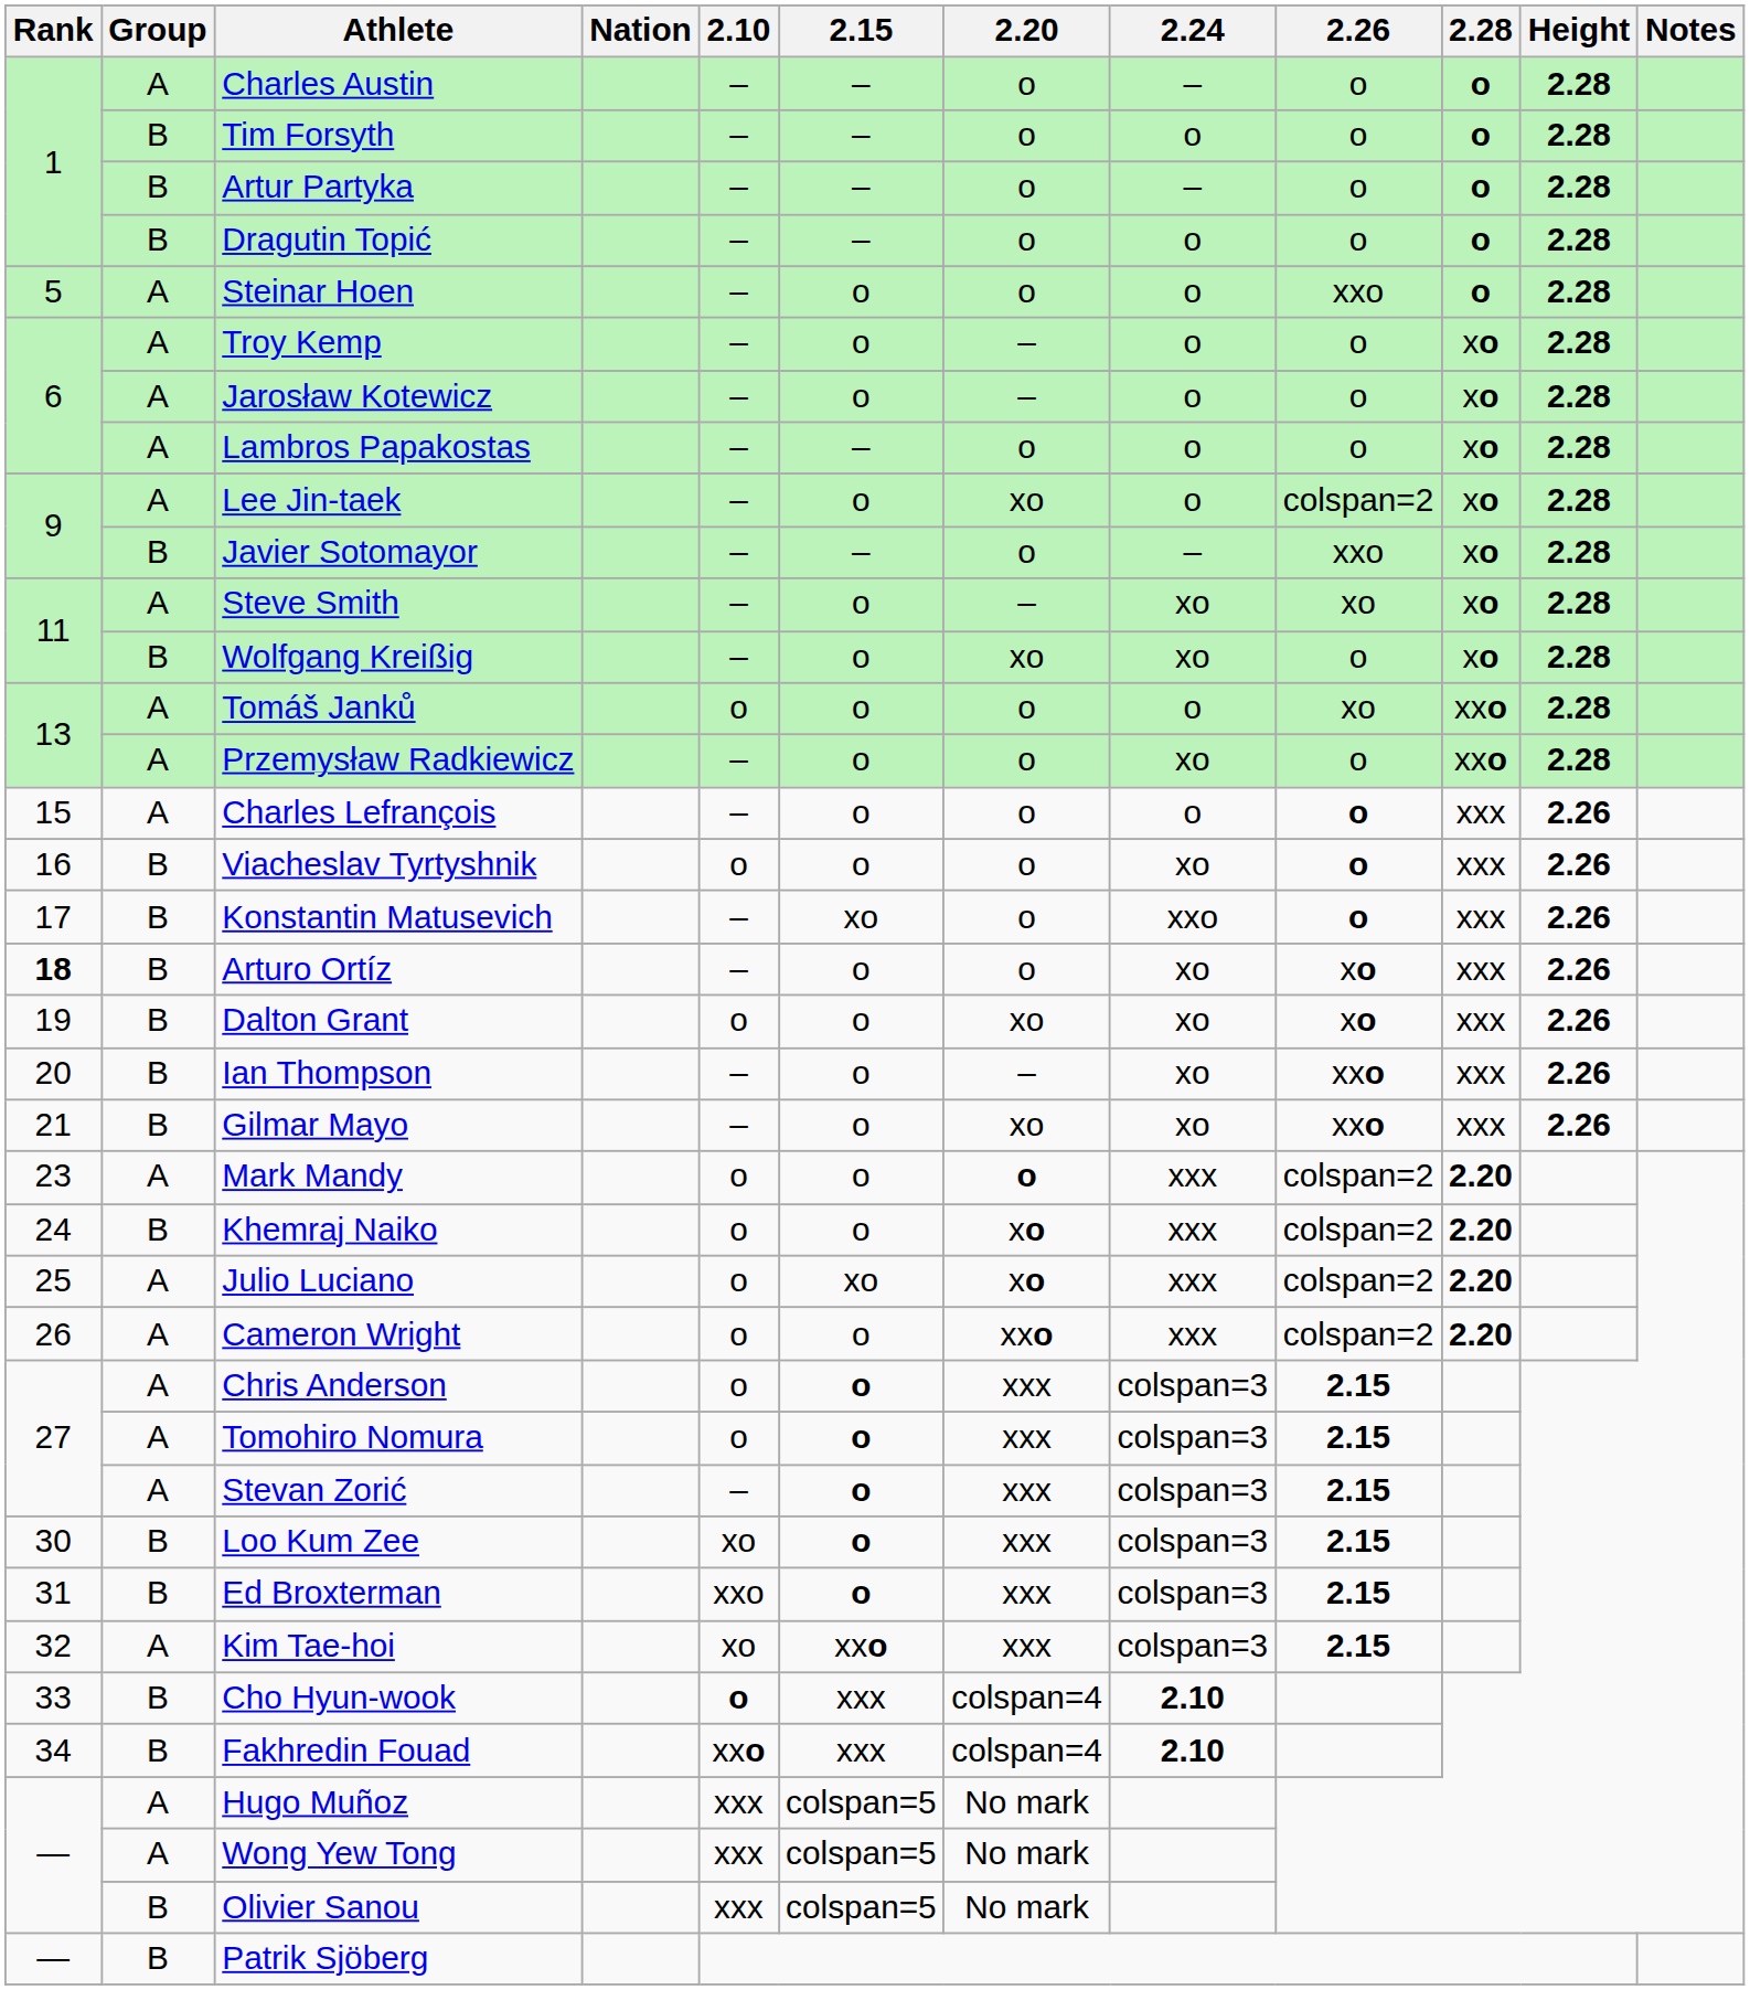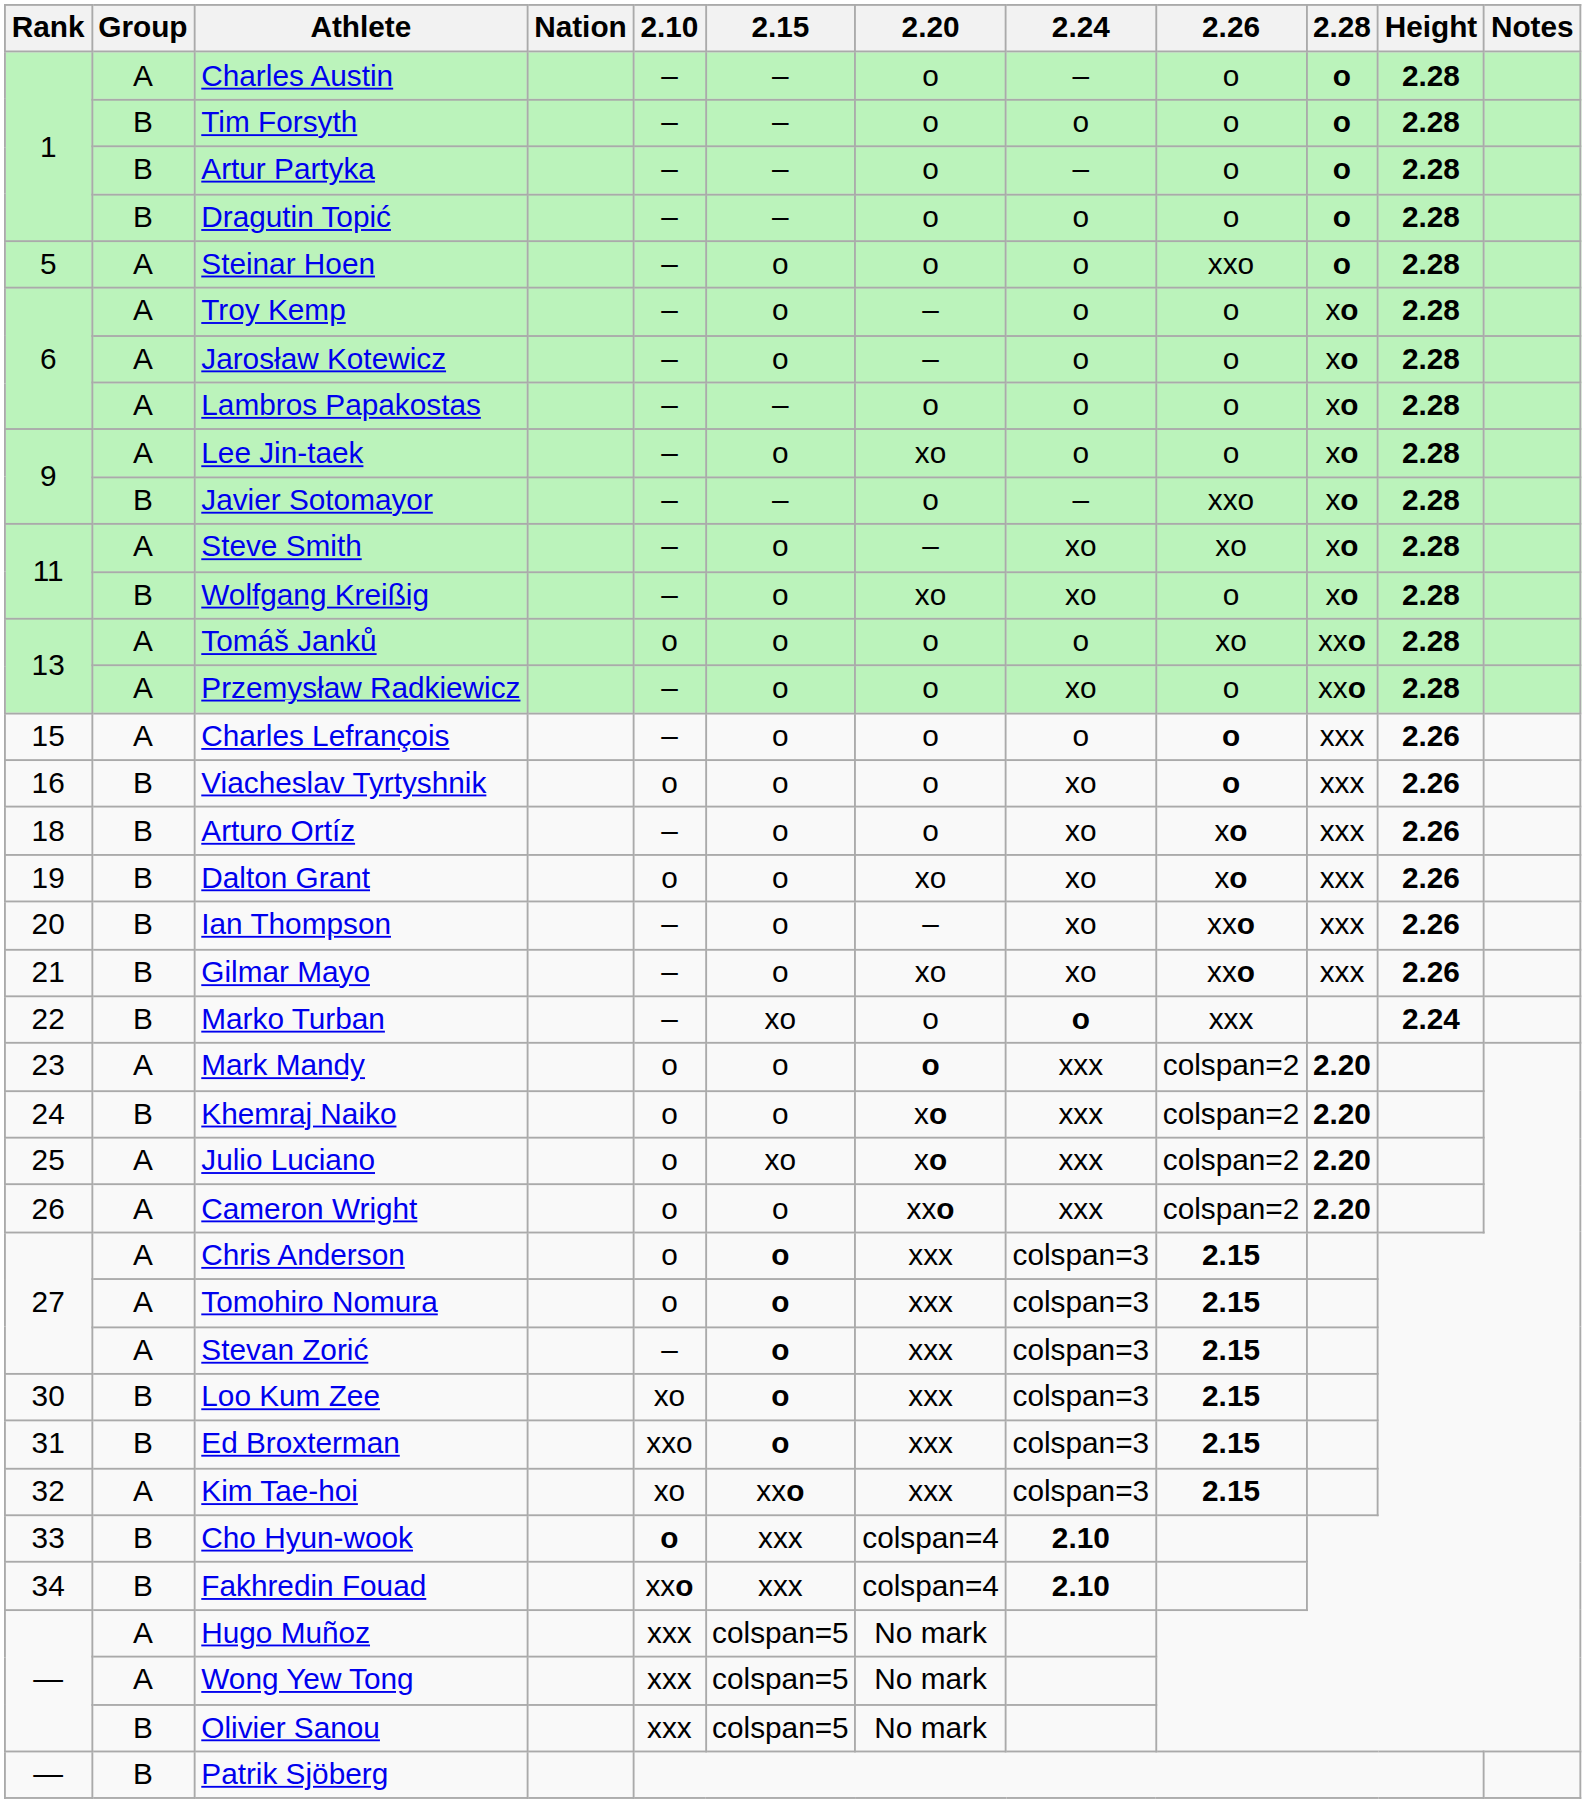 <table class="wikitable sortable" style="text-align:center">
 <tr>
 <th>Rank</th>
 <th>Group</th>
 <th>Athlete</th>
 <th>Nation</th>
 <th>2.10</th>
 <th>2.15</th>
 <th>2.20</th>
 <th>2.24</th>
 <th>2.26</th>
 <th>2.28</th>
 <th>Height</th>
 <th>Notes</th>
 </tr>
 <tr bgcolor=bbf3bb>
 <td rowspan=4>1</td>
 <td>A</td>
 <td align=left><a href='#'>Charles Austin</a></td>
 <td align=left></td>
 <td>–</td>
 <td>–</td>
 <td>o</td>
 <td>–</td>
 <td>o</td>
 <td><strong>o</strong></td>
 <td><strong>2.28</strong></td>
 <td></td>
 </tr>
 <tr bgcolor=bbf3bb>
 <td>B</td>
 <td align=left><a href='#'>Tim Forsyth</a></td>
 <td align=left></td>
 <td>–</td>
 <td>–</td>
 <td>o</td>
 <td>o</td>
 <td>o</td>
 <td><strong>o</strong></td>
 <td><strong>2.28</strong></td>
 <td></td>
 </tr>
 <tr bgcolor=bbf3bb>
 <td>B</td>
 <td align=left><a href='#'>Artur Partyka</a></td>
 <td align=left></td>
 <td>–</td>
 <td>–</td>
 <td>o</td>
 <td>–</td>
 <td>o</td>
 <td><strong>o</strong></td>
 <td><strong>2.28</strong></td>
 <td></td>
 </tr>
 <tr bgcolor=bbf3bb>
 <td>B</td>
 <td align=left><a href='#'>Dragutin Topić</a></td>
 <td align=left></td>
 <td>–</td>
 <td>–</td>
 <td>o</td>
 <td>o</td>
 <td>o</td>
 <td><strong>o</strong></td>
 <td><strong>2.28</strong></td>
 <td></td>
 </tr>
 <tr bgcolor=bbf3bb>
 <td>5</td>
 <td>A</td>
 <td align=left><a href='#'>Steinar Hoen</a></td>
 <td align=left></td>
 <td>–</td>
 <td>o</td>
 <td>o</td>
 <td>o</td>
 <td>xxo</td>
 <td><strong>o</strong></td>
 <td><strong>2.28</strong></td>
 <td></td>
 </tr>
 <tr bgcolor=bbf3bb>
 <td rowspan=3>6</td>
 <td>A</td>
 <td align=left><a href='#'>Troy Kemp</a></td>
 <td align=left></td>
 <td>–</td>
 <td>o</td>
 <td>–</td>
 <td>o</td>
 <td>o</td>
 <td>x<strong>o</strong></td>
 <td><strong>2.28</strong></td>
 <td></td>
 </tr>
 <tr bgcolor=bbf3bb>
 <td>A</td>
 <td align=left><a href='#'>Jarosław Kotewicz</a></td>
 <td align=left></td>
 <td>–</td>
 <td>o</td>
 <td>–</td>
 <td>o</td>
 <td>o</td>
 <td>x<strong>o</strong></td>
 <td><strong>2.28</strong></td>
 <td></td>
 </tr>
 <tr bgcolor=bbf3bb>
 <td>A</td>
 <td align=left><a href='#'>Lambros Papakostas</a></td>
 <td align=left></td>
 <td>–</td>
 <td>–</td>
 <td>o</td>
 <td>o</td>
 <td>o</td>
 <td>x<strong>o</strong></td>
 <td><strong>2.28</strong></td>
 <td></td>
 </tr>
 <tr bgcolor=bbf3bb>
 <td rowspan=2>9</td>
 <td>A</td>
 <td align=left><a href='#'>Lee Jin-taek</a></td>
 <td align=left></td>
 <td>–</td>
 <td>o</td>
 <td>xo</td>
 <td>o</td>
-<td>colspan=2 </td>
+<td>o</td>
 <td>x<strong>o</strong></td>
 <td><strong>2.28</strong></td>
 <td></td>
 </tr>
 <tr bgcolor=bbf3bb>
 <td>B</td>
 <td align=left><a href='#'>Javier Sotomayor</a></td>
 <td align=left></td>
 <td>–</td>
 <td>–</td>
 <td>o</td>
 <td>–</td>
 <td>xxo</td>
 <td>x<strong>o</strong></td>
 <td><strong>2.28</strong></td>
 <td></td>
 </tr>
 <tr bgcolor=bbf3bb>
 <td rowspan=2>11</td>
 <td>A</td>
 <td align=left><a href='#'>Steve Smith</a></td>
 <td align=left></td>
 <td>–</td>
 <td>o</td>
 <td>–</td>
 <td>xo</td>
 <td>xo</td>
 <td>x<strong>o</strong></td>
 <td><strong>2.28</strong></td>
 <td></td>
 </tr>
 <tr bgcolor=bbf3bb>
 <td>B</td>
 <td align=left><a href='#'>Wolfgang Kreißig</a></td>
 <td align=left></td>
 <td>–</td>
 <td>o</td>
 <td>xo</td>
 <td>xo</td>
 <td>o</td>
 <td>x<strong>o</strong></td>
 <td><strong>2.28</strong></td>
 <td></td>
 </tr>
 <tr bgcolor=bbf3bb>
 <td rowspan=2>13</td>
 <td>A</td>
 <td align=left><a href='#'>Tomáš Janků</a></td>
 <td align=left></td>
 <td>o</td>
 <td>o</td>
 <td>o</td>
 <td>o</td>
 <td>xo</td>
 <td>xx<strong>o</strong></td>
 <td><strong>2.28</strong></td>
 <td></td>
 </tr>
 <tr bgcolor=bbf3bb>
 <td>A</td>
 <td align=left><a href='#'>Przemysław Radkiewicz</a></td>
 <td align=left></td>
 <td>–</td>
 <td>o</td>
 <td>o</td>
 <td>xo</td>
 <td>o</td>
 <td>xx<strong>o</strong></td>
 <td><strong>2.28</strong></td>
 <td></td>
 </tr>
 <tr>
 <td>15</td>
 <td>A</td>
 <td align=left><a href='#'>Charles Lefrançois</a></td>
 <td align=left></td>
 <td>–</td>
 <td>o</td>
 <td>o</td>
 <td>o</td>
 <td><strong>o</strong></td>
 <td>xxx</td>
 <td><strong>2.26</strong></td>
 <td></td>
 </tr>
 <tr>
 <td>16</td>
 <td>B</td>
 <td align=left><a href='#'>Viacheslav Tyrtyshnik</a></td>
 <td align=left></td>
 <td>o</td>
 <td>o</td>
 <td>o</td>
 <td>xo</td>
 <td><strong>o</strong></td>
 <td>xxx</td>
 <td><strong>2.26</strong></td>
 <td></td>
 </tr>
 <tr>
-<td>17</td>
-<td>B</td>
-<td align=left><a href='#'>Konstantin Matusevich</a></td>
-<td align=left></td>
-<td>–</td>
-<td>xo</td>
-<td>o</td>
-<td>xxo</td>
-<td><strong>o</strong></td>
-<td>xxx</td>
-<td><strong>2.26</strong></td>
-<td></td>
-</tr>
-<tr>
-<td><strong>18</strong></td>
+<td>18</td>
 <td>B</td>
 <td align=left><a href='#'>Arturo Ortíz</a></td>
 <td align=left></td>
 <td>–</td>
 <td>o</td>
 <td>o</td>
 <td>xo</td>
 <td>x<strong>o</strong></td>
 <td>xxx</td>
 <td><strong>2.26</strong></td>
 <td></td>
 </tr>
 <tr>
 <td>19</td>
 <td>B</td>
 <td align=left><a href='#'>Dalton Grant</a></td>
 <td align=left></td>
 <td>o</td>
 <td>o</td>
 <td>xo</td>
 <td>xo</td>
 <td>x<strong>o</strong></td>
 <td>xxx</td>
 <td><strong>2.26</strong></td>
 <td></td>
 </tr>
 <tr>
 <td>20</td>
 <td>B</td>
 <td align=left><a href='#'>Ian Thompson</a></td>
 <td align=left></td>
 <td>–</td>
 <td>o</td>
 <td>–</td>
 <td>xo</td>
 <td>xx<strong>o</strong></td>
 <td>xxx</td>
 <td><strong>2.26</strong></td>
 <td></td>
 </tr>
 <tr>
 <td>21</td>
 <td>B</td>
 <td align=left><a href='#'>Gilmar Mayo</a></td>
 <td align=left></td>
 <td>–</td>
 <td>o</td>
 <td>xo</td>
 <td>xo</td>
 <td>xx<strong>o</strong></td>
 <td>xxx</td>
 <td><strong>2.26</strong></td>
+<td></td>
+</tr>
+<tr>
+<td>22</td>
+<td>B</td>
+<td align=left><a href='#'>Marko Turban</a></td>
+<td align=left></td>
+<td>–</td>
+<td>xo</td>
+<td>o</td>
+<td><strong>o</strong></td>
+<td>xxx</td>
+<td></td>
+<td><strong>2.24</strong></td>
 <td></td>
 </tr>
 <tr>
 <td>23</td>
 <td>A</td>
 <td align=left><a href='#'>Mark Mandy</a></td>
 <td align=left></td>
 <td>o</td>
 <td>o</td>
 <td><strong>o</strong></td>
 <td>xxx</td>
 <td>colspan=2 </td>
 <td><strong>2.20</strong></td>
 <td></td>
 </tr>
 <tr>
 <td>24</td>
 <td>B</td>
 <td align=left><a href='#'>Khemraj Naiko</a></td>
 <td align=left></td>
 <td>o</td>
 <td>o</td>
 <td>x<strong>o</strong></td>
 <td>xxx</td>
 <td>colspan=2 </td>
 <td><strong>2.20</strong></td>
 <td></td>
 </tr>
 <tr>
 <td>25</td>
 <td>A</td>
 <td align=left><a href='#'>Julio Luciano</a></td>
 <td align=left></td>
 <td>o</td>
 <td>xo</td>
 <td>x<strong>o</strong></td>
 <td>xxx</td>
 <td>colspan=2 </td>
 <td><strong>2.20</strong></td>
 <td></td>
 </tr>
 <tr>
 <td>26</td>
 <td>A</td>
 <td align=left><a href='#'>Cameron Wright</a></td>
 <td align=left></td>
 <td>o</td>
 <td>o</td>
 <td>xx<strong>o</strong></td>
 <td>xxx</td>
 <td>colspan=2 </td>
 <td><strong>2.20</strong></td>
 <td></td>
 </tr>
 <tr>
 <td rowspan=3>27</td>
 <td>A</td>
 <td align=left><a href='#'>Chris Anderson</a></td>
 <td align=left></td>
 <td>o</td>
 <td><strong>o</strong></td>
 <td>xxx</td>
 <td>colspan=3 </td>
 <td><strong>2.15</strong></td>
 <td></td>
 </tr>
 <tr>
 <td>A</td>
 <td align=left><a href='#'>Tomohiro Nomura</a></td>
 <td align=left></td>
 <td>o</td>
 <td><strong>o</strong></td>
 <td>xxx</td>
 <td>colspan=3 </td>
 <td><strong>2.15</strong></td>
 <td></td>
 </tr>
 <tr>
 <td>A</td>
 <td align=left><a href='#'>Stevan Zorić</a></td>
 <td align=left></td>
 <td>–</td>
 <td><strong>o</strong></td>
 <td>xxx</td>
 <td>colspan=3 </td>
 <td><strong>2.15</strong></td>
 <td></td>
 </tr>
 <tr>
 <td>30</td>
 <td>B</td>
 <td align=left><a href='#'>Loo Kum Zee</a></td>
 <td align=left></td>
 <td>xo</td>
 <td><strong>o</strong></td>
 <td>xxx</td>
 <td>colspan=3 </td>
 <td><strong>2.15</strong></td>
 <td></td>
 </tr>
 <tr>
 <td>31</td>
 <td>B</td>
 <td align=left><a href='#'>Ed Broxterman</a></td>
 <td align=left></td>
 <td>xxo</td>
 <td><strong>o</strong></td>
 <td>xxx</td>
 <td>colspan=3 </td>
 <td><strong>2.15</strong></td>
 <td></td>
 </tr>
 <tr>
 <td>32</td>
 <td>A</td>
 <td align=left><a href='#'>Kim Tae-hoi</a></td>
 <td align=left></td>
 <td>xo</td>
 <td>xx<strong>o</strong></td>
 <td>xxx</td>
 <td>colspan=3 </td>
 <td><strong>2.15</strong></td>
 <td></td>
 </tr>
 <tr>
 <td>33</td>
 <td>B</td>
 <td align=left><a href='#'>Cho Hyun-wook</a></td>
 <td align=left></td>
 <td><strong>o</strong></td>
 <td>xxx</td>
 <td>colspan=4 </td>
 <td><strong>2.10</strong></td>
 <td></td>
 </tr>
 <tr>
 <td>34</td>
 <td>B</td>
 <td align=left><a href='#'>Fakhredin Fouad</a></td>
 <td align=left></td>
 <td>xx<strong>o</strong></td>
 <td>xxx</td>
 <td>colspan=4 </td>
 <td><strong>2.10</strong></td>
 <td></td>
 </tr>
 <tr>
 <td rowspan=3 data-sort-value=35>—</td>
 <td>A</td>
 <td align=left><a href='#'>Hugo Muñoz</a></td>
 <td align=left></td>
 <td>xxx</td>
 <td>colspan=5 </td>
 <td data-sort-value=1.00>No mark</td>
 <td></td>
 </tr>
 <tr>
 <td>A</td>
 <td align=left><a href='#'>Wong Yew Tong</a></td>
 <td align=left></td>
 <td>xxx</td>
 <td>colspan=5 </td>
 <td data-sort-value=1.00>No mark</td>
 <td></td>
 </tr>
 <tr>
 <td>B</td>
 <td align=left><a href='#'>Olivier Sanou</a></td>
 <td align=left></td>
 <td>xxx</td>
 <td>colspan=5 </td>
 <td data-sort-value=1.00>No mark</td>
 <td></td>
 </tr>
 <tr>
 <td data-sort-value=38>—</td>
 <td>B</td>
 <td align=left><a href='#'>Patrik Sjöberg</a></td>
 <td align=left></td>
 <td colspan=7 data-sort-value=0.00></td>
 <td></td>
 </tr>
 </table>
